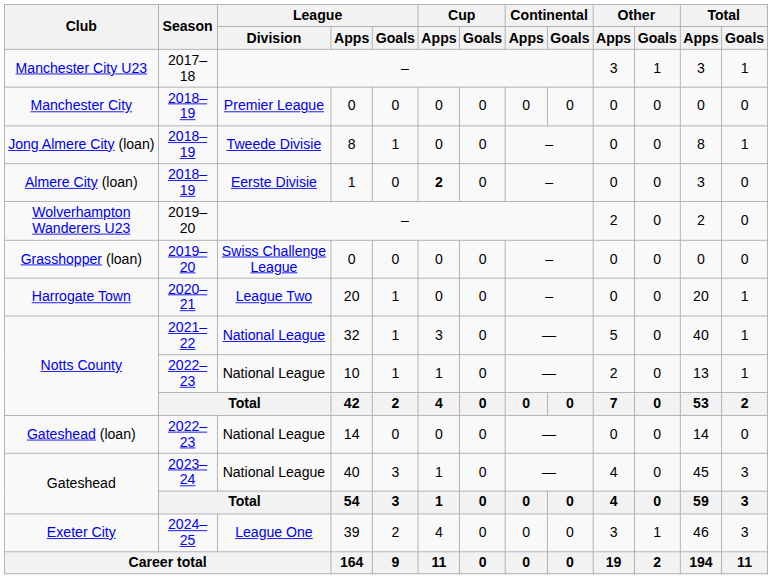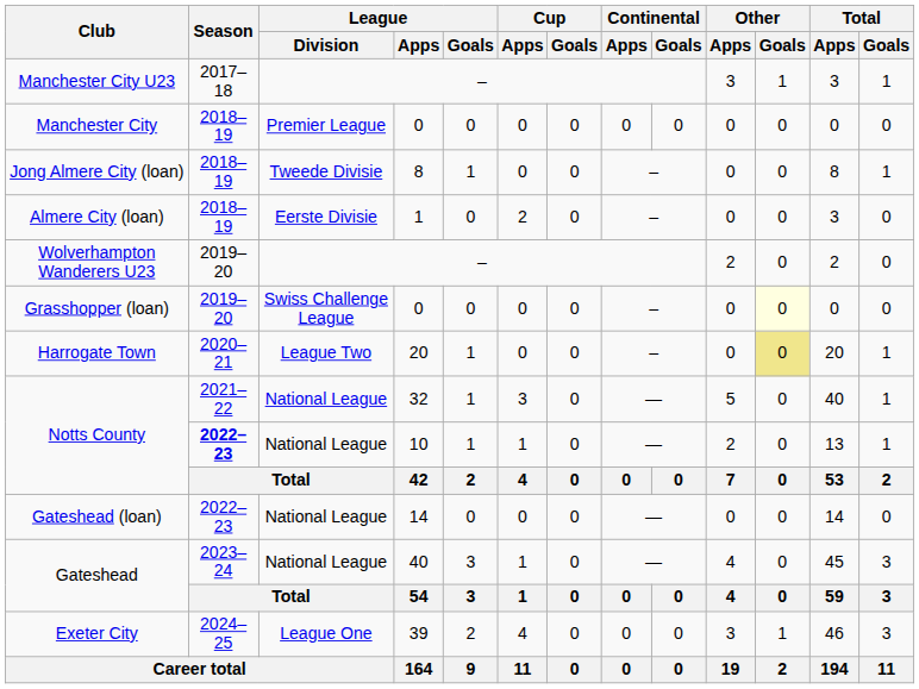 <table class="wikitable" style="text-align: center;">
 <tr>
 <th rowspan="2">Club</th>
 <th rowspan="2">Season</th>
 <th colspan="3">League</th>
 <th colspan="2">Cup</th>
 <th colspan="2">Continental</th>
 <th colspan="2">Other</th>
 <th colspan="2">Total</th>
 </tr>
 <tr>
 <th>Division</th>
 <th>Apps</th>
 <th>Goals</th>
 <th>Apps</th>
 <th>Goals</th>
 <th>Apps</th>
 <th>Goals</th>
 <th>Apps</th>
 <th>Goals</th>
 <th>Apps</th>
 <th>Goals</th>
 </tr>
 <tr>
 <td><a href='#'>Manchester City U23</a></td>
 <td>2017–18</td>
 <td colspan="7">–</td>
 <td>3</td>
 <td>1</td>
 <td>3</td>
 <td>1</td>
 </tr>
 <tr>
 <td><a href='#'>Manchester City</a></td>
 <td><a href='#'>2018–19</a></td>
 <td><a href='#'>Premier League</a></td>
 <td>0</td>
 <td>0</td>
 <td>0</td>
 <td>0</td>
 <td>0</td>
 <td>0</td>
 <td>0</td>
 <td>0</td>
 <td>0</td>
 <td>0</td>
 </tr>
 <tr>
 <td><a href='#'>Jong Almere City</a> (loan)</td>
 <td><a href='#'>2018–19</a></td>
 <td><a href='#'>Tweede Divisie</a></td>
 <td>8</td>
 <td>1</td>
 <td>0</td>
 <td>0</td>
 <td colspan="2">–</td>
 <td>0</td>
 <td>0</td>
 <td>8</td>
 <td>1</td>
 </tr>
 <tr>
 <td><a href='#'>Almere City</a> (loan)</td>
 <td><a href='#'>2018–19</a></td>
 <td><a href='#'>Eerste Divisie</a></td>
 <td>1</td>
 <td>0</td>
-<td><strong>2</strong></td>
+<td>2</td>
 <td>0</td>
 <td colspan="2">–</td>
 <td>0</td>
 <td>0</td>
 <td>3</td>
 <td>0</td>
 </tr>
 <tr>
 <td><a href='#'>Wolverhampton Wanderers U23</a></td>
 <td>2019–20</td>
 <td colspan="7">–</td>
 <td>2</td>
 <td>0</td>
 <td>2</td>
 <td>0</td>
 </tr>
 <tr>
 <td><a href='#'>Grasshopper</a> (loan)</td>
 <td><a href='#'>2019–20</a></td>
 <td><a href='#'>Swiss Challenge League</a></td>
 <td>0</td>
 <td>0</td>
 <td>0</td>
 <td>0</td>
 <td colspan="2">–</td>
 <td>0</td>
-<td>0</td>
+<td style="background: lightyellow;">0</td>
 <td>0</td>
 <td>0</td>
 </tr>
 <tr>
 <td><a href='#'>Harrogate Town</a></td>
 <td><a href='#'>2020–21</a></td>
 <td><a href='#'>League Two</a></td>
 <td>20</td>
 <td>1</td>
 <td>0</td>
 <td>0</td>
 <td colspan="2">–</td>
 <td>0</td>
-<td>0</td>
+<td style="background: khaki;">0</td>
 <td>20</td>
 <td>1</td>
 </tr>
 <tr>
 <td rowspan="3"><a href='#'>Notts County</a></td>
 <td><a href='#'>2021–22</a></td>
 <td><a href='#'>National League</a></td>
 <td>32</td>
 <td>1</td>
 <td>3</td>
 <td>0</td>
 <td colspan="2">—</td>
 <td>5</td>
 <td>0</td>
 <td>40</td>
 <td>1</td>
 </tr>
 <tr>
-<td><a href='#'>2022–23</a></td>
+<td><strong><a href='#'>2022–23</a></strong></td>
 <td>National League</td>
 <td>10</td>
 <td>1</td>
 <td>1</td>
 <td>0</td>
 <td colspan="2">—</td>
 <td>2</td>
 <td>0</td>
 <td>13</td>
 <td>1</td>
 </tr>
 <tr>
 <th colspan="2">Total</th>
 <th>42</th>
 <th>2</th>
 <th>4</th>
 <th>0</th>
 <th>0</th>
 <th>0</th>
 <th>7</th>
 <th>0</th>
 <th>53</th>
 <th>2</th>
 </tr>
 <tr>
 <td><a href='#'>Gateshead</a> (loan)</td>
 <td><a href='#'>2022–23</a></td>
 <td>National League</td>
 <td>14</td>
 <td>0</td>
 <td>0</td>
 <td>0</td>
 <td colspan="2">—</td>
 <td>0</td>
 <td>0</td>
 <td>14</td>
 <td>0</td>
 </tr>
 <tr>
 <td rowspan="2">Gateshead</td>
 <td><a href='#'>2023–24</a></td>
 <td>National League</td>
 <td>40</td>
 <td>3</td>
 <td>1</td>
 <td>0</td>
 <td colspan="2">—</td>
 <td>4</td>
 <td>0</td>
 <td>45</td>
 <td>3</td>
 </tr>
 <tr>
 <th colspan="2">Total</th>
 <th>54</th>
 <th>3</th>
 <th>1</th>
 <th>0</th>
 <th>0</th>
 <th>0</th>
 <th>4</th>
 <th>0</th>
 <th>59</th>
 <th>3</th>
 </tr>
 <tr>
 <td><a href='#'>Exeter City</a></td>
 <td><a href='#'>2024–25</a></td>
 <td><a href='#'>League One</a></td>
 <td>39</td>
 <td>2</td>
 <td>4</td>
 <td>0</td>
 <td>0</td>
 <td>0</td>
 <td>3</td>
 <td>1</td>
 <td>46</td>
 <td>3</td>
 </tr>
 <tr>
 <th colspan="3">Career total</th>
 <th>164</th>
 <th>9</th>
 <th>11</th>
 <th>0</th>
 <th>0</th>
 <th>0</th>
 <th>19</th>
 <th>2</th>
 <th>194</th>
 <th>11</th>
 </tr>
 </table>
